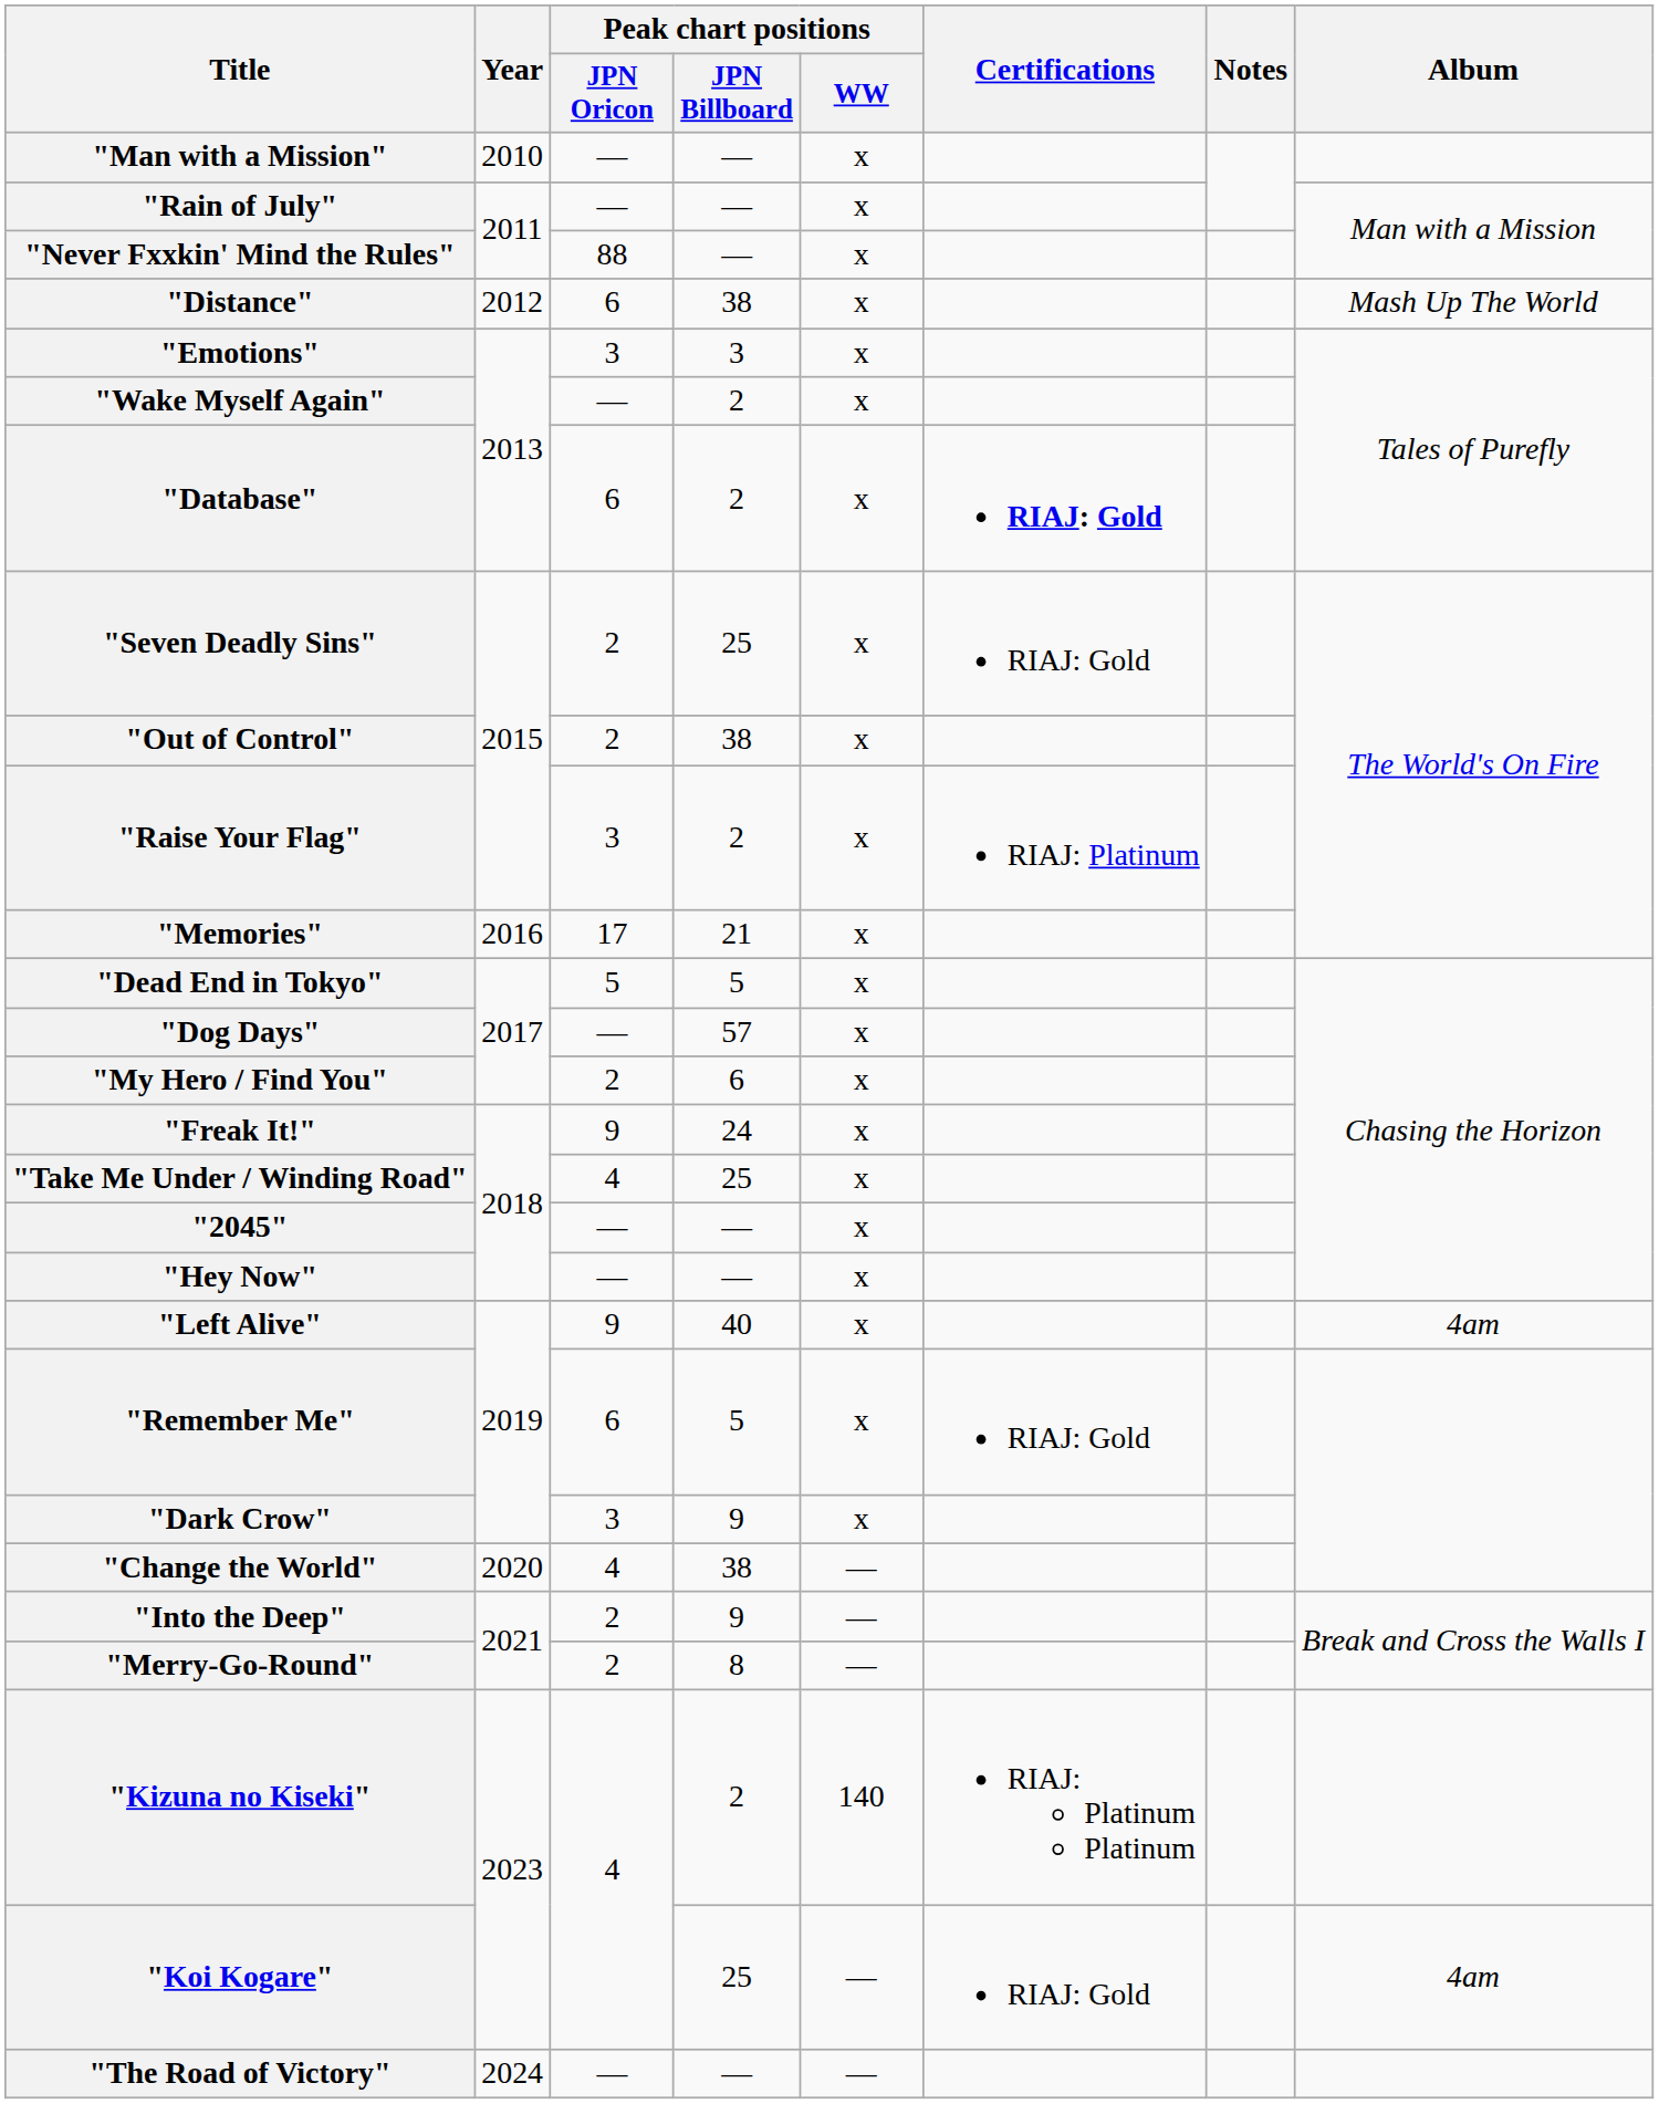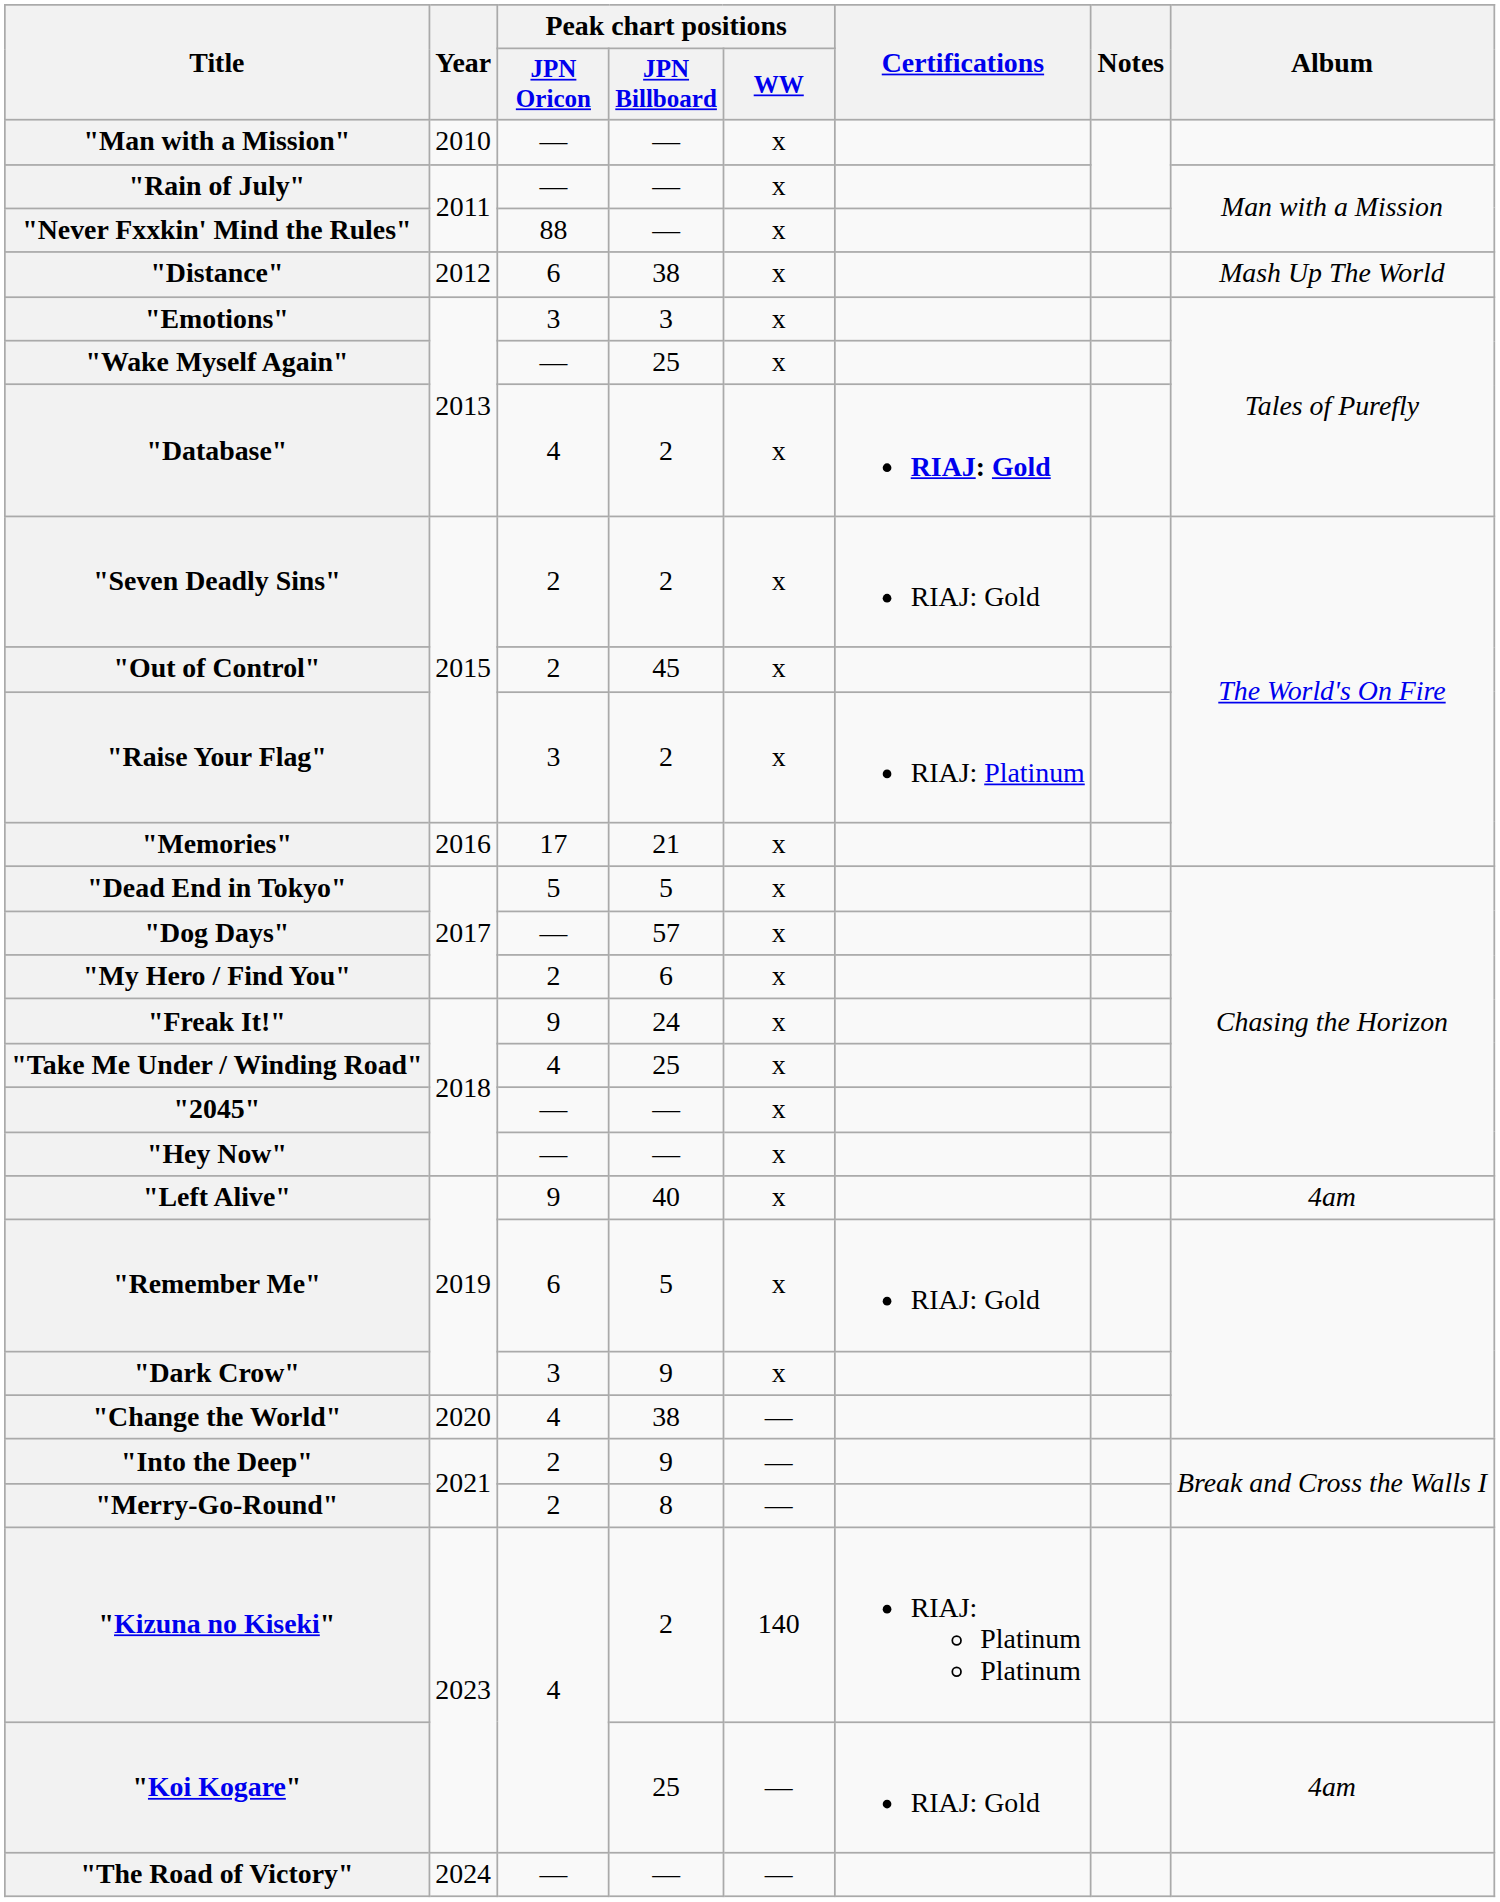 <table class="wikitable plainrowheaders">
 <tr>
 <th scope="col" rowspan="2">Title</th>
 <th scope="col" rowspan="2">Year</th>
 <th scope="col" colspan="3">Peak chart positions</th>
 <th scope="col" rowspan="2"><a href='#'>Certifications</a></th>
 <th scope="col" rowspan="2">Notes</th>
 <th scope="col" rowspan="2">Album</th>
 </tr>
 <tr>
 <th scope="col" style="width:4em;font-size:90%"><a href='#'>JPN<br>Oricon</a><br></th>
 <th scope="col" style="width:4em;font-size:90%"><a href='#'>JPN<br>Billboard</a><br></th>
 <th scope="col" style="width:4em;font-size:90%"><a href='#'>WW</a><br></th>
 </tr>
 <tr>
 <th scope="row">"Man with a Mission"</th>
 <td align="center" rowspan="1">2010</td>
 <td align="center">—</td>
 <td align="center">—</td>
 <td align="center">x</td>
 <td></td>
 <td rowspan="2"></td>
 <td></td>
 </tr>
 <tr>
 <th scope="row">"Rain of July"</th>
 <td align="center" rowspan="2">2011</td>
 <td align="center">—</td>
 <td align="center">—</td>
 <td align="center">x</td>
 <td></td>
 <td align="center" rowspan="2"><em>Man with a Mission</em></td>
 </tr>
 <tr>
 <th scope="row">"Never Fxxkin' Mind the Rules"</th>
 <td align="center">88</td>
 <td align="center">—</td>
 <td align="center">x</td>
 <td></td>
 <td></td>
 </tr>
 <tr>
 <th scope="row">"Distance"</th>
 <td align="center">2012</td>
 <td align="center">6</td>
 <td align="center">38</td>
 <td align="center">x</td>
 <td></td>
 <td></td>
 <td align="center"><em>Mash Up The World</em></td>
 </tr>
 <tr>
 <th scope="row">"Emotions"</th>
 <td align="center" rowspan="3">2013</td>
 <td align="center">3</td>
 <td align="center">3</td>
 <td align="center">x</td>
 <td></td>
 <td></td>
 <td align="center" rowspan="3"><em>Tales of Purefly</em></td>
 </tr>
 <tr>
 <th scope="row">"Wake Myself Again"</th>
 <td align="center">—</td>
-<td align="center">2</td>
+<td align="center">25</td>
 <td align="center">x</td>
 <td></td>
 <td></td>
 </tr>
 <tr>
 <th scope="row">"Database"<br></th>
-<td align="center">6</td>
+<td align="center">4</td>
 <td align="center">2</td>
 <td align="center">x</td>
 <td><strong><br><ul><li><a href='#'>RIAJ</a>: <a href='#'>Gold</a></li></ul></strong></td>
 <td></td>
 </tr>
 <tr>
 <th scope="row">"Seven Deadly Sins"</th>
 <td align="center" rowspan="3">2015</td>
 <td align="center">2</td>
-<td align="center">25</td>
+<td align="center">2</td>
 <td align="center">x</td>
 <td><br><ul><li>RIAJ: Gold</li></ul></td>
 <td></td>
 <td align="center" rowspan="4"><em><a href='#'>The World's On Fire</a></em></td>
 </tr>
 <tr>
 <th scope="row">"Out of Control"<br></th>
 <td align="center">2</td>
-<td align="center">38</td>
+<td align="center">45</td>
 <td align="center">x</td>
 <td></td>
 <td></td>
 </tr>
 <tr>
 <th scope="row">"Raise Your Flag"</th>
 <td align="center">3</td>
 <td align="center">2</td>
 <td align="center">x</td>
 <td><br><ul><li>RIAJ: <a href='#'>Platinum</a></li></ul></td>
 <td></td>
 </tr>
 <tr>
 <th scope="row">"Memories"</th>
 <td align="center">2016</td>
 <td align="center">17</td>
 <td align="center">21</td>
 <td align="center">x</td>
 <td></td>
 <td></td>
 </tr>
 <tr>
 <th scope="row">"Dead End in Tokyo"</th>
 <td align="center" rowspan="3">2017</td>
 <td align="center">5</td>
 <td align="center">5</td>
 <td align="center">x</td>
 <td></td>
 <td></td>
 <td align="center" rowspan="7"><em>Chasing the Horizon</em></td>
 </tr>
 <tr>
 <th scope="row">"Dog Days"</th>
 <td align="center">—</td>
 <td align="center">57</td>
 <td align="center">x</td>
 <td></td>
 <td></td>
 </tr>
 <tr>
 <th scope="row">"My Hero / Find You"</th>
 <td align="center">2</td>
 <td align="center">6</td>
 <td align="center">x</td>
 <td></td>
 <td></td>
 </tr>
 <tr>
 <th scope="row">"Freak It!"<br></th>
 <td align="center" rowspan="4">2018</td>
 <td align="center">9</td>
 <td align="center">24</td>
 <td align="center">x</td>
 <td></td>
 <td></td>
 </tr>
 <tr>
 <th scope="row">"Take Me Under / Winding Road"</th>
 <td align="center">4</td>
 <td align="center">25</td>
 <td align="center">x</td>
 <td></td>
 <td></td>
 </tr>
 <tr>
 <th scope="row">"2045"</th>
 <td align="center">—</td>
 <td align="center">—</td>
 <td align="center">x</td>
 <td></td>
 <td></td>
 </tr>
 <tr>
 <th scope="row">"Hey Now"</th>
 <td align="center">—</td>
 <td align="center">—</td>
 <td align="center">x</td>
 <td></td>
 <td></td>
 </tr>
 <tr>
 <th scope="row">"Left Alive"</th>
 <td align="center" rowspan="3">2019</td>
 <td align="center">9</td>
 <td align="center">40</td>
 <td align="center">x</td>
 <td></td>
 <td></td>
 <td align="center"><em>4am</em></td>
 </tr>
 <tr>
 <th scope="row">"Remember Me"</th>
 <td align="center">6</td>
 <td align="center">5</td>
 <td align="center">x</td>
 <td><br><ul><li>RIAJ: Gold</li></ul></td>
 <td></td>
 </tr>
 <tr>
 <th scope="row">"Dark Crow"</th>
 <td align="center">3</td>
 <td align="center">9</td>
 <td align="center">x</td>
 <td></td>
 <td></td>
 </tr>
 <tr>
 <th scope="row">"Change the World"</th>
 <td align="center" rowspan="1">2020</td>
 <td align="center">4</td>
 <td align="center">38</td>
 <td align="center">—</td>
 <td></td>
 <td></td>
 </tr>
 <tr>
 <th scope="row">"Into the Deep"</th>
 <td align="center" rowspan="2">2021</td>
 <td align="center">2</td>
 <td align="center">9</td>
 <td align="center">—</td>
 <td></td>
 <td></td>
 <td align="center" rowspan="2"><em>Break and Cross the Walls I</em></td>
 </tr>
 <tr>
 <th scope="row">"Merry-Go-Round"</th>
 <td align="center">2</td>
 <td align="center">8</td>
 <td align="center">—</td>
 <td></td>
 <td></td>
 </tr>
 <tr>
 <th scope="row">"<a href='#'>Kizuna no Kiseki</a>"<br></th>
 <td align="center" rowspan="2">2023</td>
 <td align="center" rowspan="2">4</td>
 <td align="center">2</td>
 <td align="center">140</td>
 <td><br><ul><li>RIAJ:<ul><li>Platinum </li><li>Platinum </li></ul></li></ul></td>
 <td></td>
 <td></td>
 </tr>
 <tr>
 <th scope="row">"<a href='#'>Koi Kogare</a>"<br></th>
 <td align="center">25</td>
 <td align="center">—</td>
 <td><br><ul><li>RIAJ: Gold </li></ul></td>
 <td></td>
 <td align="center"><em>4am</em></td>
 </tr>
 <tr>
 <th scope="row">"The Road of Victory"<br></th>
 <td>2024</td>
 <td align="center">—</td>
 <td align="center">—</td>
 <td align="center">—</td>
 <td></td>
 <td></td>
 <td></td>
 </tr>
 </table>
